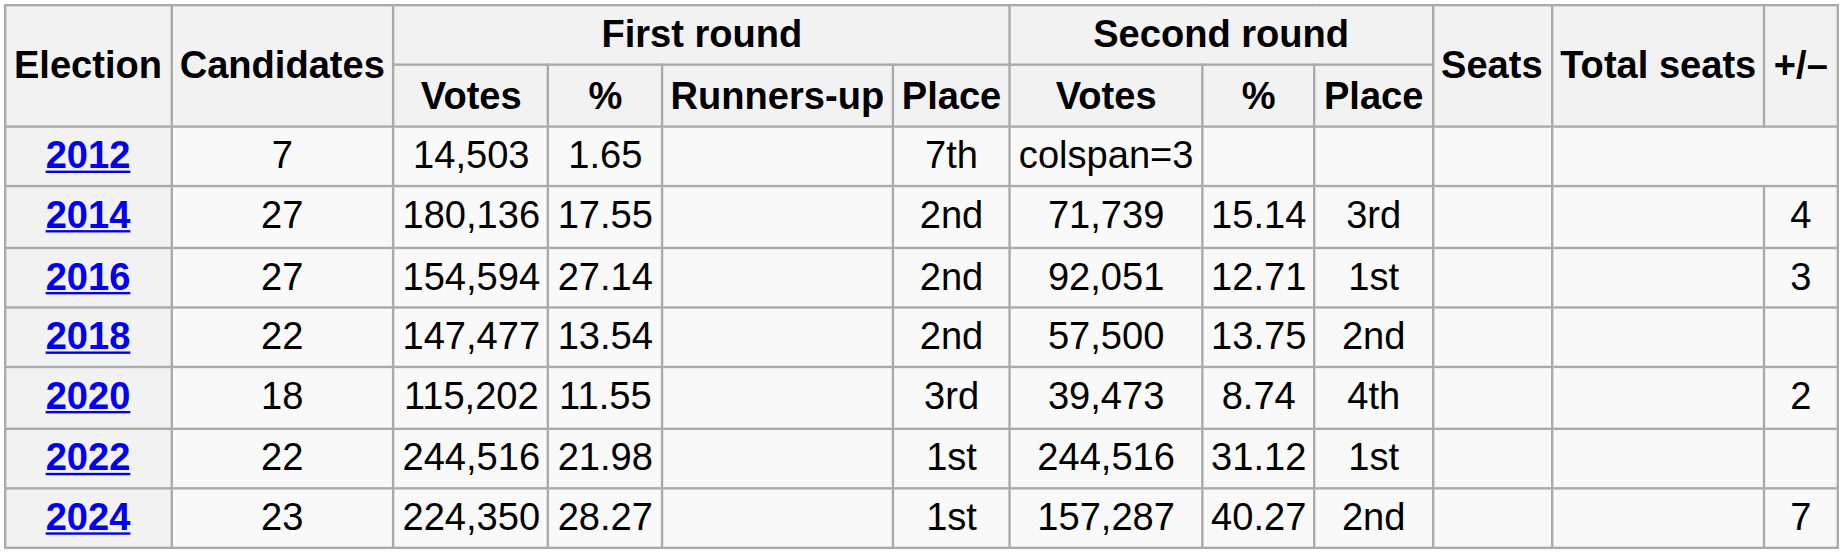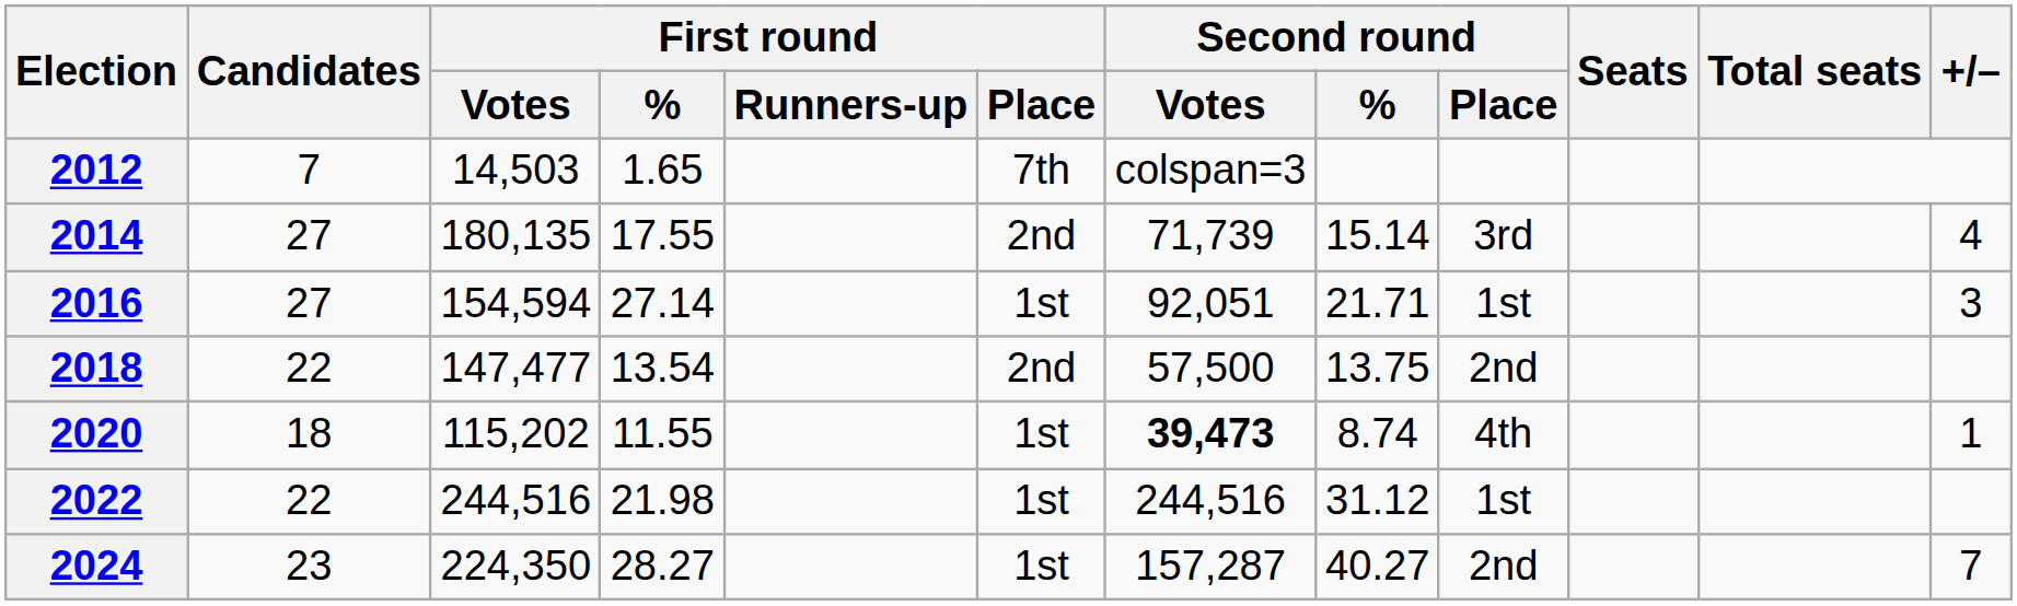 <table class="wikitable" style="text-align: center;">
 <tr>
 <th rowspan=2>Election</th>
 <th rowspan=2>Candidates</th>
 <th colspan=4>First round</th>
 <th colspan=3>Second round</th>
 <th rowspan=2>Seats</th>
 <th rowspan=2>Total seats</th>
 <th rowspan=2>+/–</th>
 </tr>
 <tr>
 <th>Votes</th>
 <th>%</th>
 <th>Runners-up</th>
 <th>Place</th>
 <th>Votes</th>
 <th>%</th>
 <th>Place</th>
 </tr>
 <tr>
 <th><a href='#'>2012</a></th>
 <td>7</td>
 <td>14,503</td>
 <td>1.65</td>
 <td></td>
 <td>7th</td>
 <td>colspan=3 </td>
 <td></td>
 <td></td>
 <td></td>
 </tr>
 <tr>
 <th><a href='#'>2014</a></th>
 <td>27</td>
-<td>180,136</td>
+<td>180,135</td>
 <td>17.55</td>
 <td></td>
 <td>2nd</td>
 <td>71,739</td>
 <td>15.14</td>
 <td>3rd</td>
 <td></td>
 <td></td>
 <td> 4</td>
 </tr>
 <tr>
 <th><a href='#'>2016</a></th>
 <td>27</td>
 <td>154,594</td>
 <td>27.14</td>
 <td></td>
-<td>2nd</td>
+<td>1st</td>
 <td>92,051</td>
-<td>12.71</td>
+<td>21.71</td>
 <td>1st</td>
 <td></td>
 <td></td>
 <td> 3</td>
 </tr>
 <tr>
 <th><a href='#'>2018</a></th>
 <td>22</td>
 <td>147,477</td>
 <td>13.54</td>
 <td></td>
 <td>2nd</td>
 <td>57,500</td>
 <td>13.75</td>
 <td>2nd</td>
 <td></td>
 <td></td>
 <td></td>
 </tr>
 <tr>
 <th><a href='#'>2020</a></th>
 <td>18</td>
 <td>115,202</td>
 <td>11.55</td>
 <td></td>
-<td>3rd</td>
-<td>39,473</td>
+<td>1st</td>
+<td><strong>39,473</strong></td>
 <td>8.74</td>
 <td>4th</td>
 <td></td>
 <td></td>
-<td> 2</td>
+<td> 1</td>
 </tr>
 <tr>
 <th><a href='#'>2022</a></th>
 <td>22</td>
 <td>244,516</td>
 <td>21.98</td>
 <td></td>
 <td>1st</td>
 <td>244,516</td>
 <td>31.12</td>
 <td>1st</td>
 <td></td>
 <td></td>
 <td></td>
 </tr>
 <tr>
 <th><a href='#'>2024</a></th>
 <td>23</td>
 <td>224,350</td>
 <td>28.27</td>
 <td></td>
 <td>1st</td>
 <td>157,287</td>
 <td>40.27</td>
 <td>2nd</td>
 <td></td>
 <td></td>
 <td> 7</td>
 </tr>
 </table>
